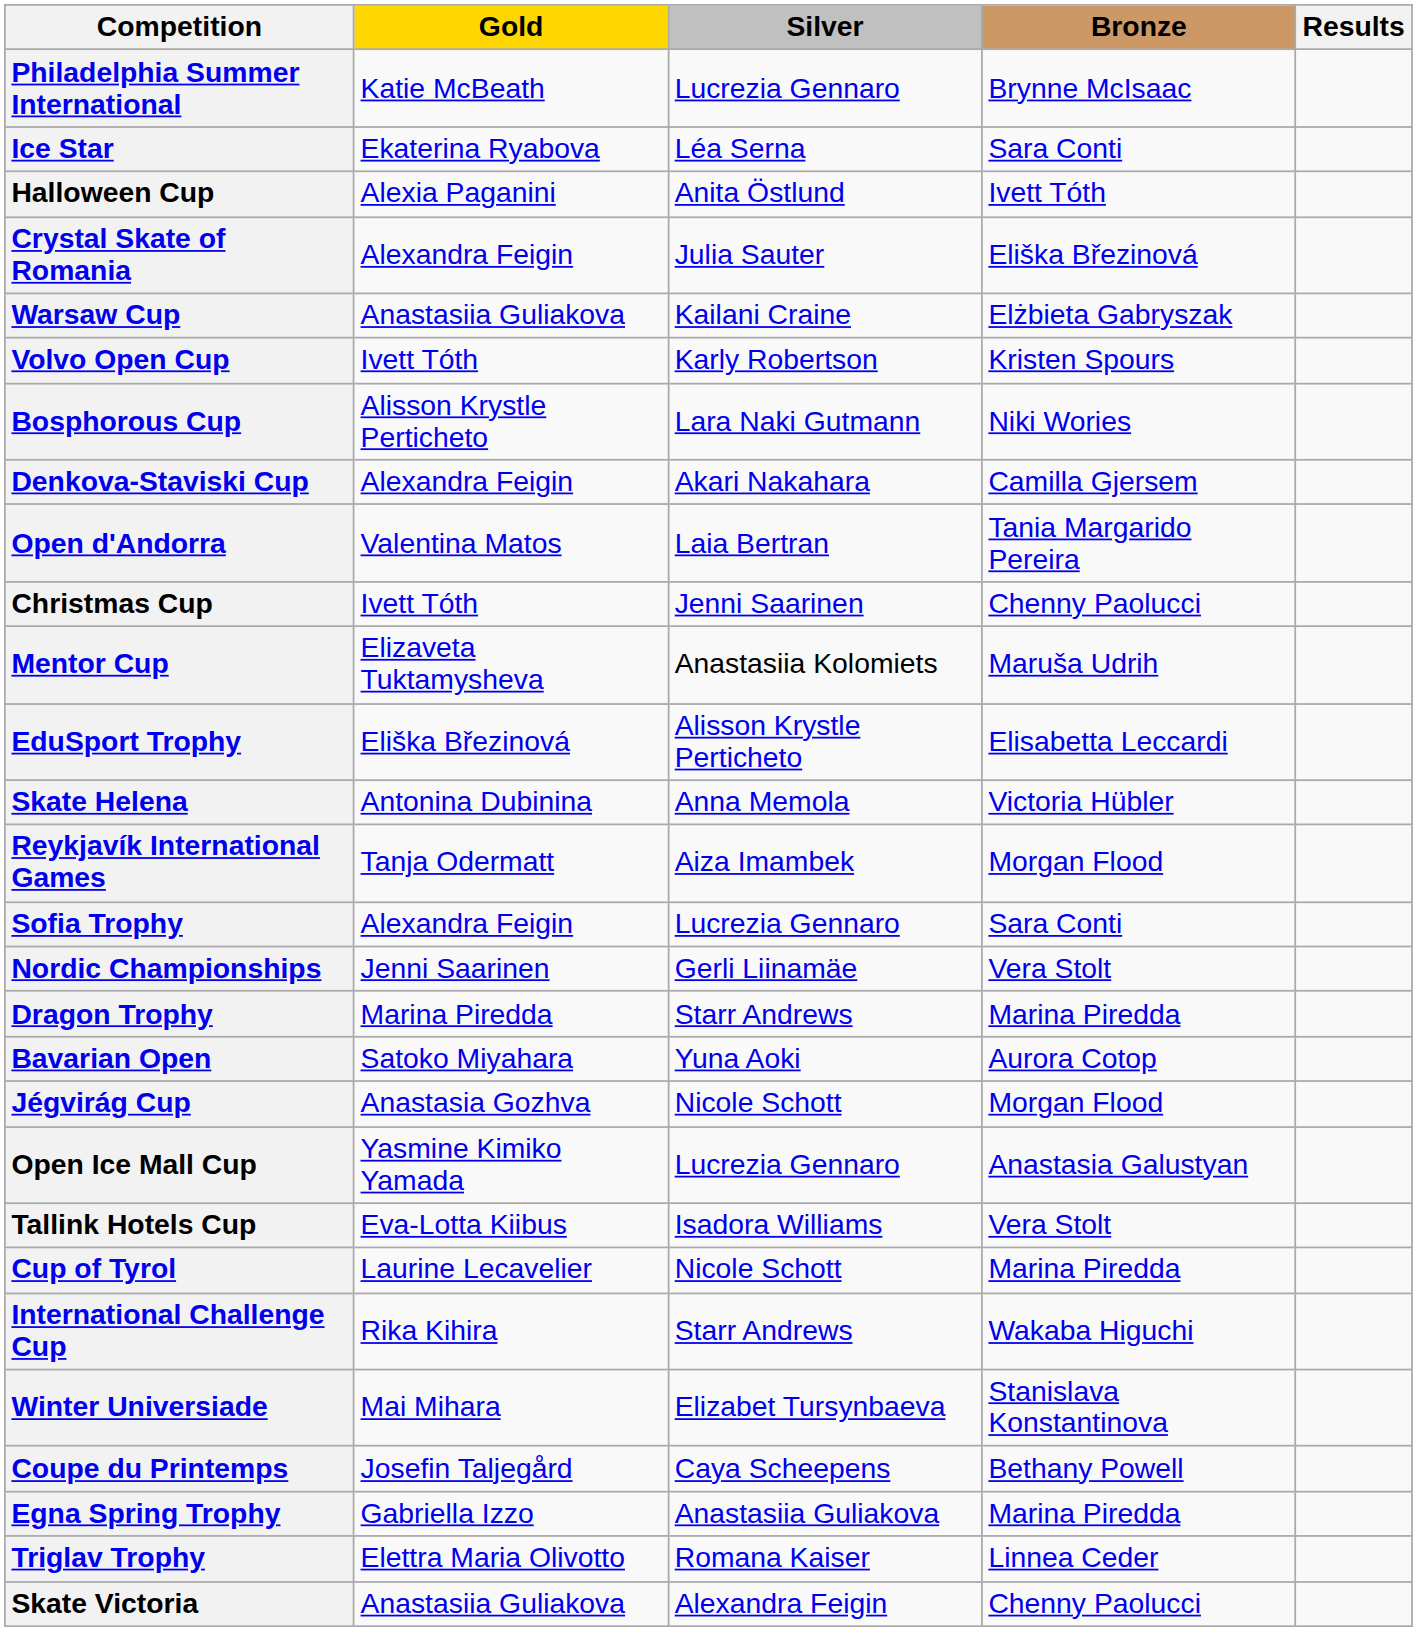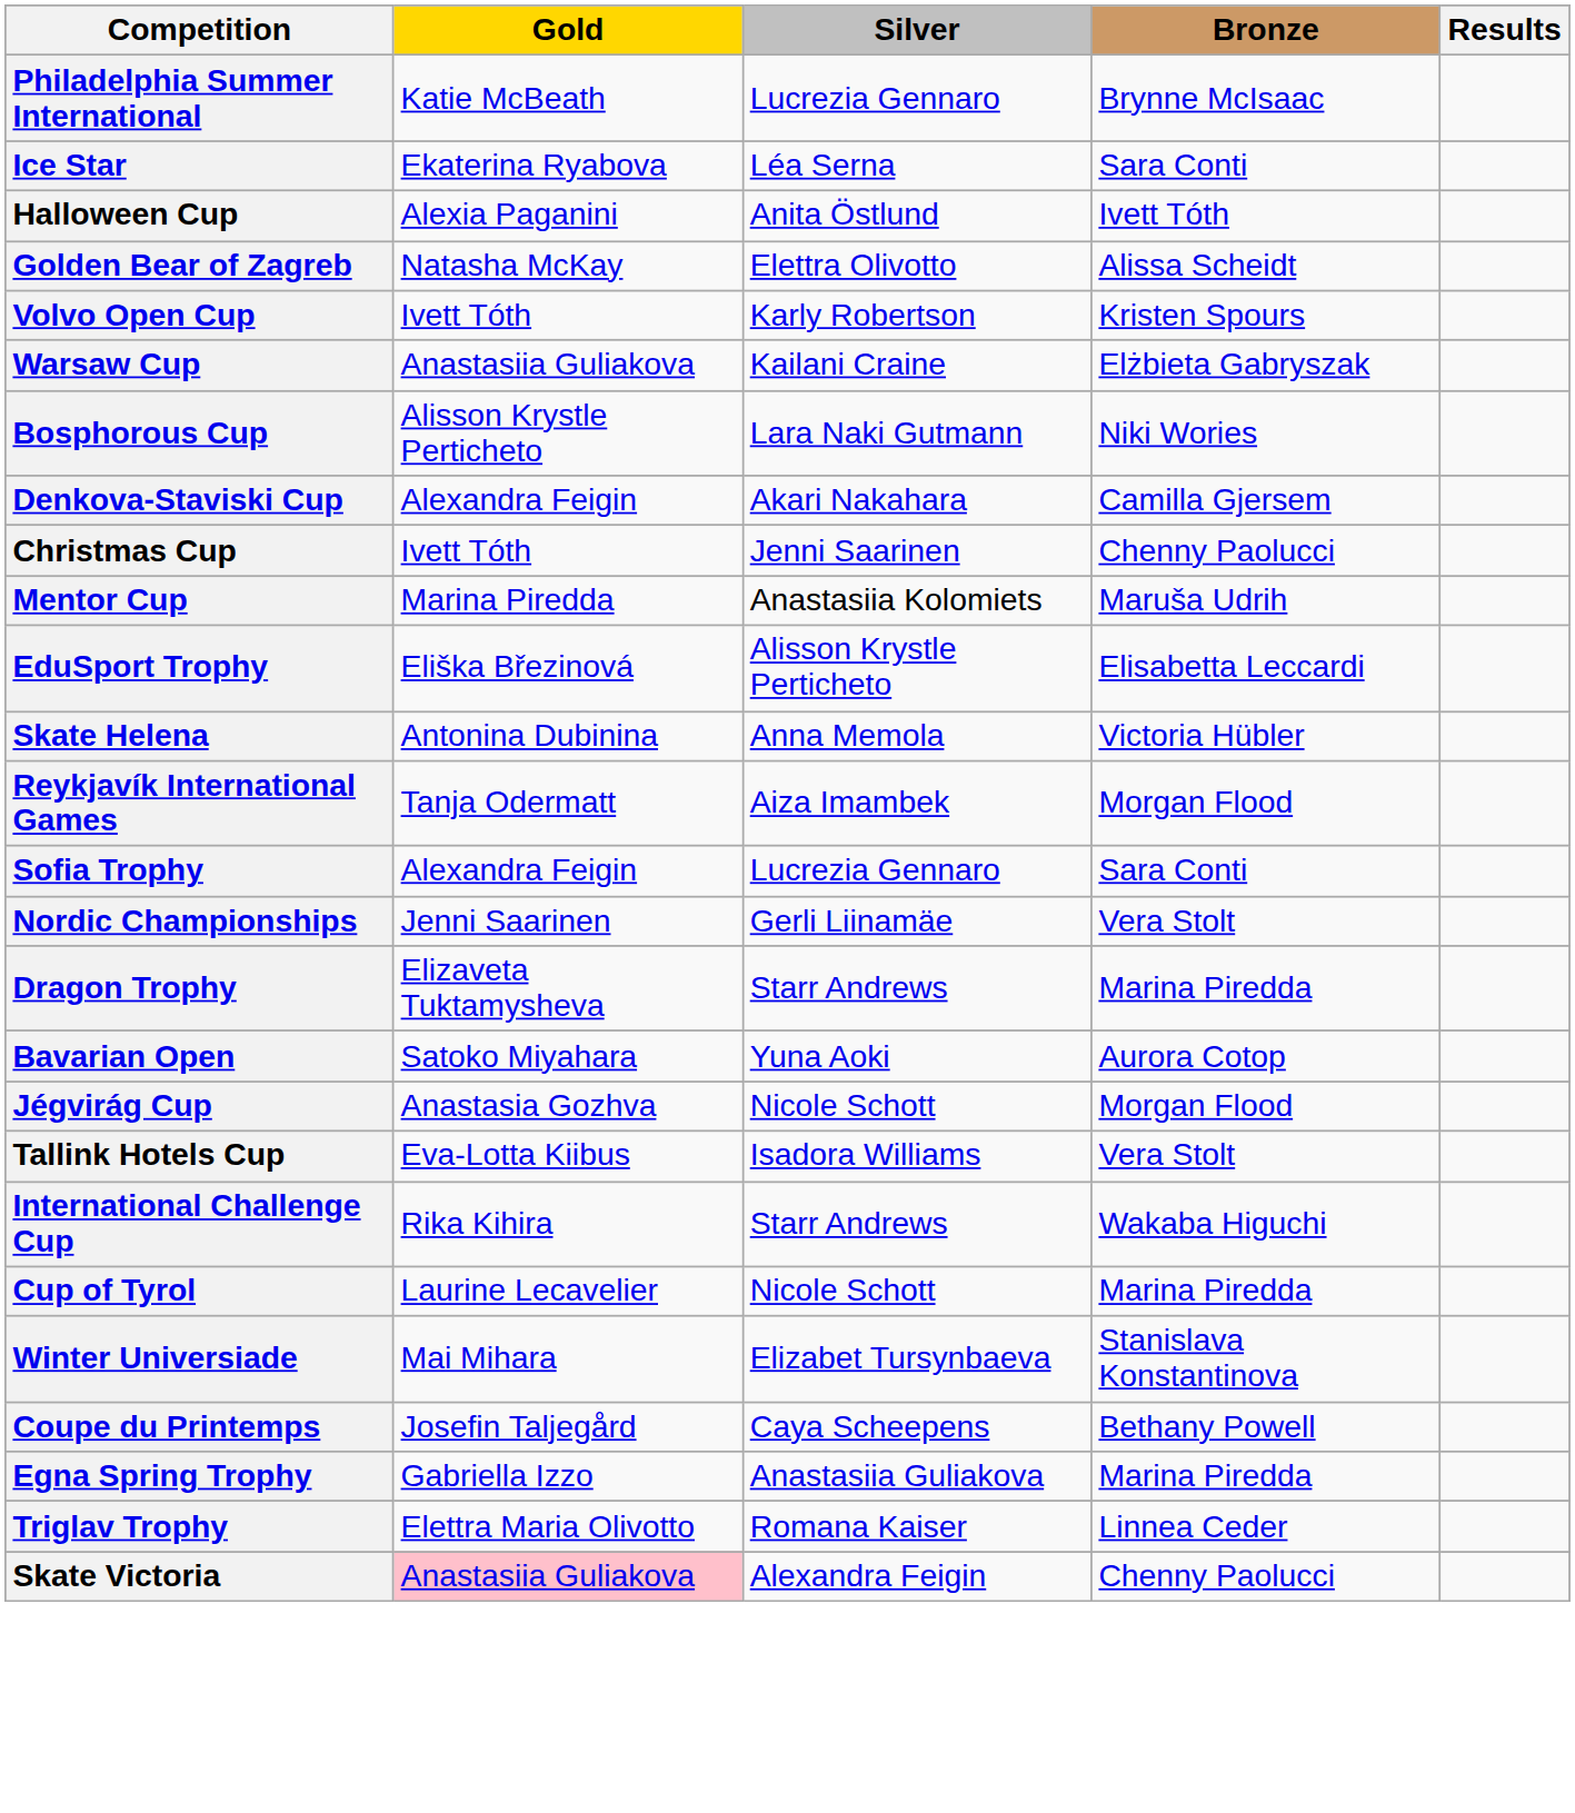 <table class="wikitable unsortable" style="text-align:left; width:90%;">
 <tr>
 <th scope="col" style="text-align:center; width:25%;">Competition</th>
 <td scope="col" style="text-align:center; width:22.5%; background:gold"><strong>Gold</strong></td>
 <td scope="col" style="text-align:center; width:22.5%; background:silver"><strong>Silver</strong></td>
 <td scope="col" style="text-align:center; width:22.5%; background:#c96"><strong>Bronze</strong></td>
 <th scope="col" style="text-align:center; width:7.5%;">Results</th>
 </tr>
 <tr>
 <th scope="row" style="text-align:left"> <a href='#'>Philadelphia Summer International</a></th>
 <td> <a href='#'>Katie McBeath</a></td>
 <td> <a href='#'>Lucrezia Gennaro</a></td>
 <td> <a href='#'>Brynne McIsaac</a></td>
 <td></td>
 </tr>
 <tr>
 <th scope="row" style="text-align:left"> <a href='#'>Ice Star</a></th>
 <td> <a href='#'>Ekaterina Ryabova</a></td>
 <td> <a href='#'>Léa Serna</a></td>
 <td> <a href='#'>Sara Conti</a></td>
 <td></td>
 </tr>
 <tr>
 <th scope="row" style="text-align:left"> Halloween Cup</th>
 <td> <a href='#'>Alexia Paganini</a></td>
 <td> <a href='#'>Anita Östlund</a></td>
 <td> <a href='#'>Ivett Tóth</a></td>
 <td></td>
 </tr>
 <tr>
-<th scope="row" style="text-align:left"> <a href='#'>Crystal Skate of Romania</a></th>
-<td> <a href='#'>Alexandra Feigin</a></td>
-<td> <a href='#'>Julia Sauter</a></td>
-<td> <a href='#'>Eliška Březinová</a></td>
+<th scope="row" style="text-align:left"> <a href='#'>Golden Bear of Zagreb</a></th>
+<td> <a href='#'>Natasha McKay</a></td>
+<td> <a href='#'>Elettra Olivotto</a></td>
+<td> <a href='#'>Alissa Scheidt</a></td>
+<td></td>
+</tr>
+<tr>
+<th scope="row" style="text-align:left"> <a href='#'>Volvo Open Cup</a></th>
+<td> <a href='#'>Ivett Tóth</a></td>
+<td> <a href='#'>Karly Robertson</a></td>
+<td> <a href='#'>Kristen Spours</a></td>
 <td></td>
 </tr>
 <tr>
 <th scope="row" style="text-align:left"> <a href='#'>Warsaw Cup</a></th>
 <td> <a href='#'>Anastasiia Guliakova</a></td>
 <td> <a href='#'>Kailani Craine</a></td>
 <td> <a href='#'>Elżbieta Gabryszak</a></td>
-<td></td>
-</tr>
-<tr>
-<th scope="row" style="text-align:left"> <a href='#'>Volvo Open Cup</a></th>
-<td> <a href='#'>Ivett Tóth</a></td>
-<td> <a href='#'>Karly Robertson</a></td>
-<td> <a href='#'>Kristen Spours</a></td>
 <td></td>
 </tr>
 <tr>
 <th scope="row" style="text-align:left"> <a href='#'>Bosphorous Cup</a></th>
 <td> <a href='#'>Alisson Krystle Perticheto</a></td>
 <td> <a href='#'>Lara Naki Gutmann</a></td>
 <td> <a href='#'>Niki Wories</a></td>
 <td></td>
 </tr>
 <tr>
 <th scope="row" style="text-align:left"> <a href='#'>Denkova-Staviski Cup</a></th>
 <td> <a href='#'>Alexandra Feigin</a></td>
 <td> <a href='#'>Akari Nakahara</a></td>
 <td> <a href='#'>Camilla Gjersem</a></td>
 <td></td>
 </tr>
 <tr>
-<th scope="row" style="text-align:left"> <a href='#'>Open d'Andorra</a></th>
-<td> <a href='#'>Valentina Matos</a></td>
-<td> <a href='#'>Laia Bertran</a></td>
-<td> <a href='#'>Tania Margarido Pereira</a></td>
-<td></td>
-</tr>
-<tr>
 <th scope="row" style="text-align:left"> Christmas Cup</th>
 <td> <a href='#'>Ivett Tóth</a></td>
 <td> <a href='#'>Jenni Saarinen</a></td>
 <td> <a href='#'>Chenny Paolucci</a></td>
 <td></td>
 </tr>
 <tr>
 <th scope="row" style="text-align:left"> <a href='#'>Mentor Cup</a></th>
-<td> <a href='#'>Elizaveta Tuktamysheva</a></td>
+<td> <a href='#'>Marina Piredda</a></td>
 <td> Anastasiia Kolomiets</td>
 <td> <a href='#'>Maruša Udrih</a></td>
 <td></td>
 </tr>
 <tr>
 <th scope="row" style="text-align:left"> <a href='#'>EduSport Trophy</a></th>
 <td> <a href='#'>Eliška Březinová</a></td>
 <td> <a href='#'>Alisson Krystle Perticheto</a></td>
 <td> <a href='#'>Elisabetta Leccardi</a></td>
 <td></td>
 </tr>
 <tr>
 <th scope="row" style="text-align:left"> <a href='#'>Skate Helena</a></th>
 <td> <a href='#'>Antonina Dubinina</a></td>
 <td> <a href='#'>Anna Memola</a></td>
 <td> <a href='#'>Victoria Hübler</a></td>
 <td></td>
 </tr>
 <tr>
 <th scope="row" style="text-align:left"> <a href='#'>Reykjavík International Games</a></th>
 <td> <a href='#'>Tanja Odermatt</a></td>
 <td> <a href='#'>Aiza Imambek</a></td>
 <td> <a href='#'>Morgan Flood</a></td>
 <td></td>
 </tr>
 <tr>
 <th scope="row" style="text-align:left"> <a href='#'>Sofia Trophy</a></th>
 <td> <a href='#'>Alexandra Feigin</a></td>
 <td> <a href='#'>Lucrezia Gennaro</a></td>
 <td> <a href='#'>Sara Conti</a></td>
 <td></td>
 </tr>
 <tr>
 <th scope="row" style="text-align:left"> <a href='#'>Nordic Championships</a></th>
 <td> <a href='#'>Jenni Saarinen</a></td>
 <td> <a href='#'>Gerli Liinamäe</a></td>
 <td> <a href='#'>Vera Stolt</a></td>
 <td></td>
 </tr>
 <tr>
 <th scope="row" style="text-align:left"> <a href='#'>Dragon Trophy</a></th>
-<td> <a href='#'>Marina Piredda</a></td>
+<td> <a href='#'>Elizaveta Tuktamysheva</a></td>
 <td> <a href='#'>Starr Andrews</a></td>
 <td> <a href='#'>Marina Piredda</a></td>
 <td></td>
 </tr>
 <tr>
 <th scope="row" style="text-align:left"> <a href='#'>Bavarian Open</a></th>
 <td> <a href='#'>Satoko Miyahara</a></td>
 <td> <a href='#'>Yuna Aoki</a></td>
 <td> <a href='#'>Aurora Cotop</a></td>
 <td></td>
 </tr>
 <tr>
 <th scope="row" style="text-align:left"> <a href='#'>Jégvirág Cup</a></th>
 <td> <a href='#'>Anastasia Gozhva</a></td>
 <td> <a href='#'>Nicole Schott</a></td>
 <td> <a href='#'>Morgan Flood</a></td>
 <td></td>
 </tr>
 <tr>
-<th scope="row" style="text-align:left"> Open Ice Mall Cup</th>
-<td> <a href='#'>Yasmine Kimiko Yamada</a></td>
-<td> <a href='#'>Lucrezia Gennaro</a></td>
-<td> <a href='#'>Anastasia Galustyan</a></td>
-<td></td>
-</tr>
-<tr>
 <th scope="row" style="text-align:left"> Tallink Hotels Cup</th>
 <td> <a href='#'>Eva-Lotta Kiibus</a></td>
 <td> <a href='#'>Isadora Williams</a></td>
 <td> <a href='#'>Vera Stolt</a></td>
 <td></td>
 </tr>
 <tr>
+<th scope="row" style="text-align:left"> <a href='#'>International Challenge Cup</a></th>
+<td> <a href='#'>Rika Kihira</a></td>
+<td> <a href='#'>Starr Andrews</a></td>
+<td> <a href='#'>Wakaba Higuchi</a></td>
+<td></td>
+</tr>
+<tr>
 <th scope="row" style="text-align:left"> <a href='#'>Cup of Tyrol</a></th>
 <td> <a href='#'>Laurine Lecavelier</a></td>
 <td> <a href='#'>Nicole Schott</a></td>
 <td> <a href='#'>Marina Piredda</a></td>
-<td></td>
-</tr>
-<tr>
-<th scope="row" style="text-align:left"> <a href='#'>International Challenge Cup</a></th>
-<td> <a href='#'>Rika Kihira</a></td>
-<td> <a href='#'>Starr Andrews</a></td>
-<td> <a href='#'>Wakaba Higuchi</a></td>
 <td></td>
 </tr>
 <tr>
 <th scope="row" style="text-align:left"> <a href='#'>Winter Universiade</a></th>
 <td> <a href='#'>Mai Mihara</a></td>
 <td> <a href='#'>Elizabet Tursynbaeva</a></td>
 <td> <a href='#'>Stanislava Konstantinova</a></td>
 <td></td>
 </tr>
 <tr>
 <th scope="row" style="text-align:left"> <a href='#'>Coupe du Printemps</a></th>
 <td> <a href='#'>Josefin Taljegård</a></td>
 <td> <a href='#'>Caya Scheepens</a></td>
 <td> <a href='#'>Bethany Powell</a></td>
 <td></td>
 </tr>
 <tr>
 <th scope="row" style="text-align:left"> <a href='#'>Egna Spring Trophy</a></th>
 <td> <a href='#'>Gabriella Izzo</a></td>
 <td> <a href='#'>Anastasiia Guliakova</a></td>
 <td> <a href='#'>Marina Piredda</a></td>
 <td></td>
 </tr>
 <tr>
 <th scope="row" style="text-align:left"> <a href='#'>Triglav Trophy</a></th>
 <td> <a href='#'>Elettra Maria Olivotto</a></td>
 <td> <a href='#'>Romana Kaiser</a></td>
 <td> <a href='#'>Linnea Ceder</a></td>
 <td></td>
 </tr>
 <tr>
 <th scope="row" style="text-align:left"> Skate Victoria</th>
-<td> <a href='#'>Anastasiia Guliakova</a></td>
+<td style="background: pink;"> <a href='#'>Anastasiia Guliakova</a></td>
 <td> <a href='#'>Alexandra Feigin</a></td>
 <td> <a href='#'>Chenny Paolucci</a></td>
 <td></td>
 </tr>
 </table>
